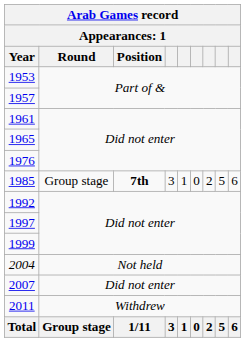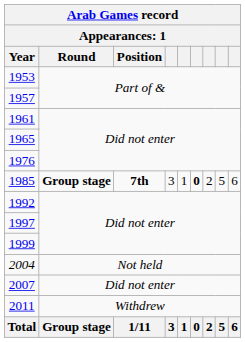 <table class="wikitable" style="text-align: center;">
 <tr>
 <th colspan=9><a href='#'>Arab Games</a> record</th>
 </tr>
 <tr>
 <th colspan=9>Appearances: 1</th>
 </tr>
 <tr>
 <th>Year</th>
 <th>Round</th>
 <th>Position</th>
 <th></th>
 <th></th>
 <th></th>
 <th></th>
 <th></th>
 <th></th>
 </tr>
 <tr>
 <td> <a href='#'>1953</a></td>
 <td colspan=8 rowspan=2><em>Part of  & </em></td>
 </tr>
 <tr>
 <td> <a href='#'>1957</a></td>
 </tr>
 <tr>
 <td> <a href='#'>1961</a></td>
 <td colspan=8 rowspan=3><em>Did not enter</em></td>
 </tr>
 <tr>
 <td> <a href='#'>1965</a></td>
 </tr>
 <tr>
 <td> <a href='#'>1976</a></td>
 </tr>
 <tr>
 <td> <a href='#'>1985</a></td>
-<td>Group stage</td>
+<td><strong>Group stage</strong></td>
 <td><strong>7th</strong></td>
 <td>3</td>
 <td>1</td>
-<td>0</td>
+<td><strong>0</strong></td>
 <td>2</td>
 <td>5</td>
 <td>6</td>
 </tr>
 <tr>
 <td> <a href='#'>1992</a></td>
 <td colspan=8 rowspan=3><em>Did not enter</em></td>
 </tr>
 <tr>
 <td> <a href='#'>1997</a></td>
 </tr>
 <tr>
 <td> <a href='#'>1999</a></td>
 </tr>
 <tr>
 <td> <em>2004</em></td>
 <td colspan=8><em>Not held</em></td>
 </tr>
 <tr>
 <td> <a href='#'>2007</a></td>
 <td colspan=8><em>Did not enter</em></td>
 </tr>
 <tr>
 <td> <a href='#'>2011</a></td>
 <td colspan=8><em>Withdrew</em></td>
 </tr>
 <tr>
 <th>Total</th>
 <th>Group stage</th>
 <th>1/11</th>
 <th>3</th>
 <th>1</th>
 <th>0</th>
 <th>2</th>
 <th>5</th>
 <th>6</th>
 </tr>
 </table>
